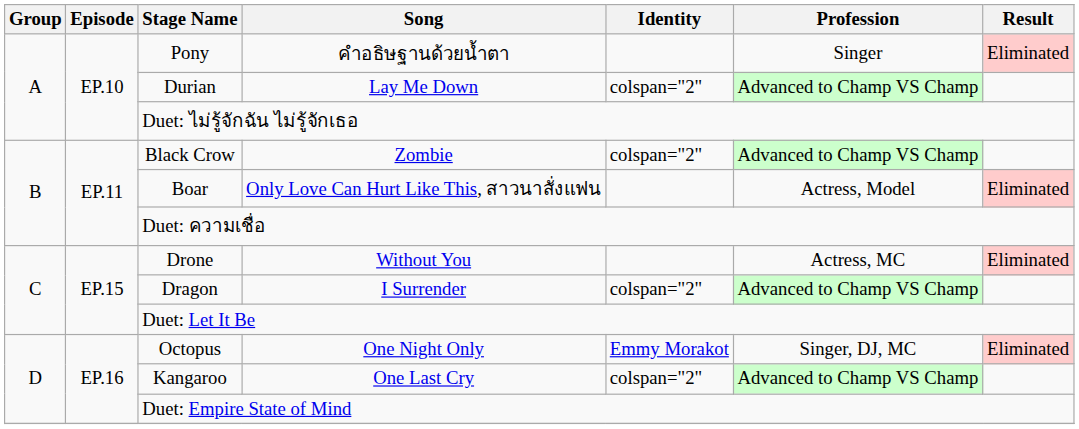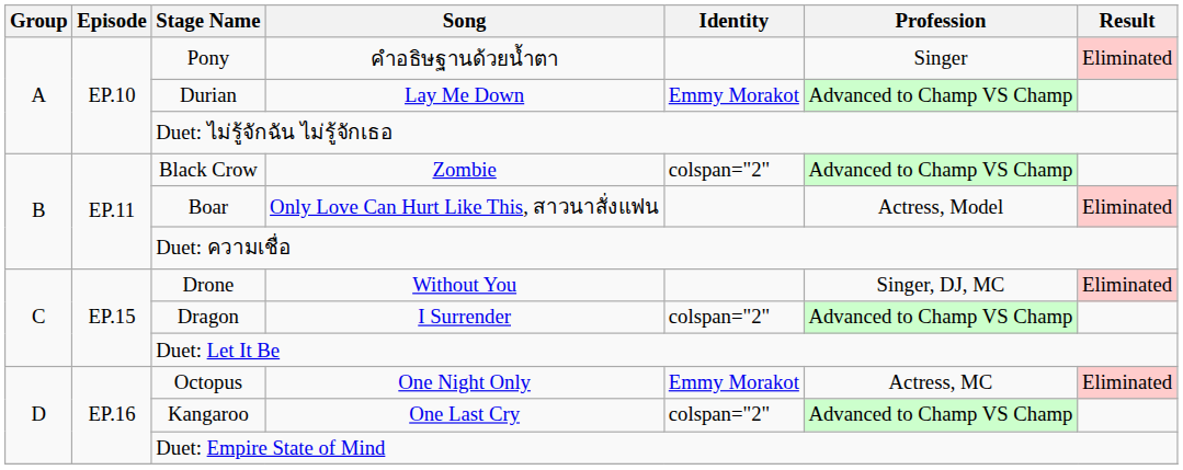 <table class="wikitable">
 <tr>
 <th>Group</th>
 <th>Episode</th>
 <th>Stage Name</th>
 <th>Song</th>
 <th>Identity</th>
 <th>Profession</th>
 <th>Result</th>
 </tr>
 <tr>
 <td align="center" rowspan="3">A</td>
 <td rowspan="3" align="center">EP.10</td>
 <td align="center">Pony</td>
 <td align="center">คำอธิษฐานด้วยน้ำตา</td>
 <td align="center"></td>
 <td align="center">Singer</td>
 <td align="center" style="background:#ffcccc">Eliminated</td>
 </tr>
 <tr>
 <td align="center">Durian</td>
 <td align="center"><a href='#'>Lay Me Down</a></td>
-<td>colspan="2"  </td>
+<td align="center"><a href='#'>Emmy Morakot</a></td>
 <td align="center" style="background:#ccffcc">Advanced to Champ VS Champ</td>
 </tr>
 <tr>
 <td colspan="5">Duet: ไม่รู้จักฉัน ไม่รู้จักเธอ</td>
 </tr>
 <tr>
 <td align="center" rowspan="3">B</td>
 <td rowspan="3" align="center">EP.11</td>
 <td align="center">Black Crow</td>
 <td align="center"><a href='#'>Zombie</a></td>
 <td>colspan="2"  </td>
 <td align="center" style="background:#ccffcc">Advanced to Champ VS Champ</td>
 </tr>
 <tr>
 <td align="center">Boar</td>
 <td align="center"><a href='#'>Only Love Can Hurt Like This</a>, สาวนาสั่งแฟน</td>
 <td align="center"></td>
 <td align="center">Actress, Model</td>
 <td align="center" style="background:#ffcccc">Eliminated</td>
 </tr>
 <tr>
 <td colspan="5">Duet: ความเชื่อ</td>
 </tr>
 <tr>
 <td align="center" rowspan="3">C</td>
 <td rowspan="3" align="center">EP.15</td>
 <td align="center">Drone</td>
 <td align="center"><a href='#'>Without You</a></td>
 <td align="center"></td>
-<td align="center">Actress, MC</td>
+<td align="center">Singer, DJ, MC</td>
 <td align="center" style="background:#ffcccc">Eliminated</td>
 </tr>
 <tr>
 <td align="center">Dragon</td>
 <td align="center"><a href='#'>I Surrender</a></td>
 <td>colspan="2"  </td>
 <td align="center" style="background:#ccffcc">Advanced to Champ VS Champ</td>
 </tr>
 <tr>
 <td colspan="5">Duet: <a href='#'>Let It Be</a></td>
 </tr>
 <tr>
 <td align="center" rowspan="3">D</td>
 <td rowspan="3" align="center">EP.16</td>
 <td align="center">Octopus</td>
 <td align="center"><a href='#'>One Night Only</a></td>
 <td align="center"><a href='#'>Emmy Morakot</a></td>
-<td align="center">Singer, DJ, MC</td>
+<td align="center">Actress, MC</td>
 <td align="center" style="background:#ffcccc">Eliminated</td>
 </tr>
 <tr>
 <td align="center">Kangaroo</td>
 <td align="center"><a href='#'>One Last Cry</a></td>
 <td>colspan="2"  </td>
 <td align="center" style="background:#ccffcc">Advanced to Champ VS Champ</td>
 </tr>
 <tr>
 <td colspan="5">Duet: <a href='#'>Empire State of Mind</a></td>
 </tr>
 <tr>
 </tr>
 </table>
